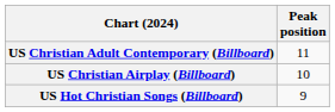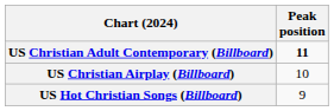 <table class="wikitable sortable plainrowheaders" style="text-align:center">
 <tr>
 <th scope="col">Chart (2024)</th>
 <th scope="col">Peak<br>position</th>
 </tr>
 <tr>
 <th scope="row">US <a href='#'>Christian Adult Contemporary</a> (<em><a href='#'>Billboard</a></em>)</th>
-<td>11</td>
+<td><strong>11</strong></td>
 </tr>
 <tr>
 <th scope="row">US <a href='#'>Christian Airplay</a> (<em><a href='#'>Billboard</a></em>)</th>
 <td>10</td>
 </tr>
 <tr>
 <th scope="row">US <a href='#'>Hot Christian Songs</a> (<em><a href='#'>Billboard</a></em>)</th>
 <td>9</td>
 </tr>
 </table>
